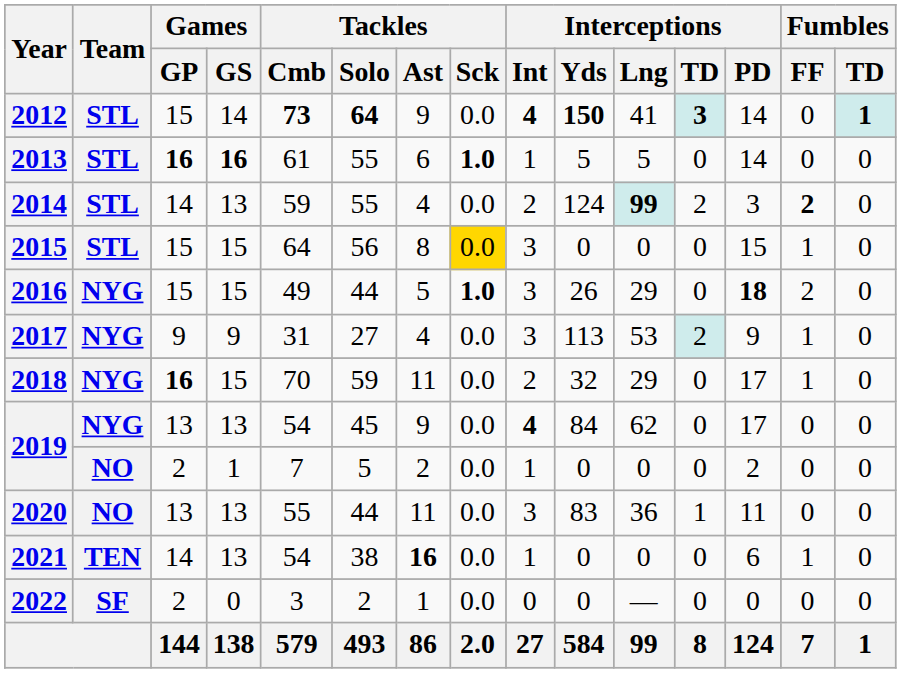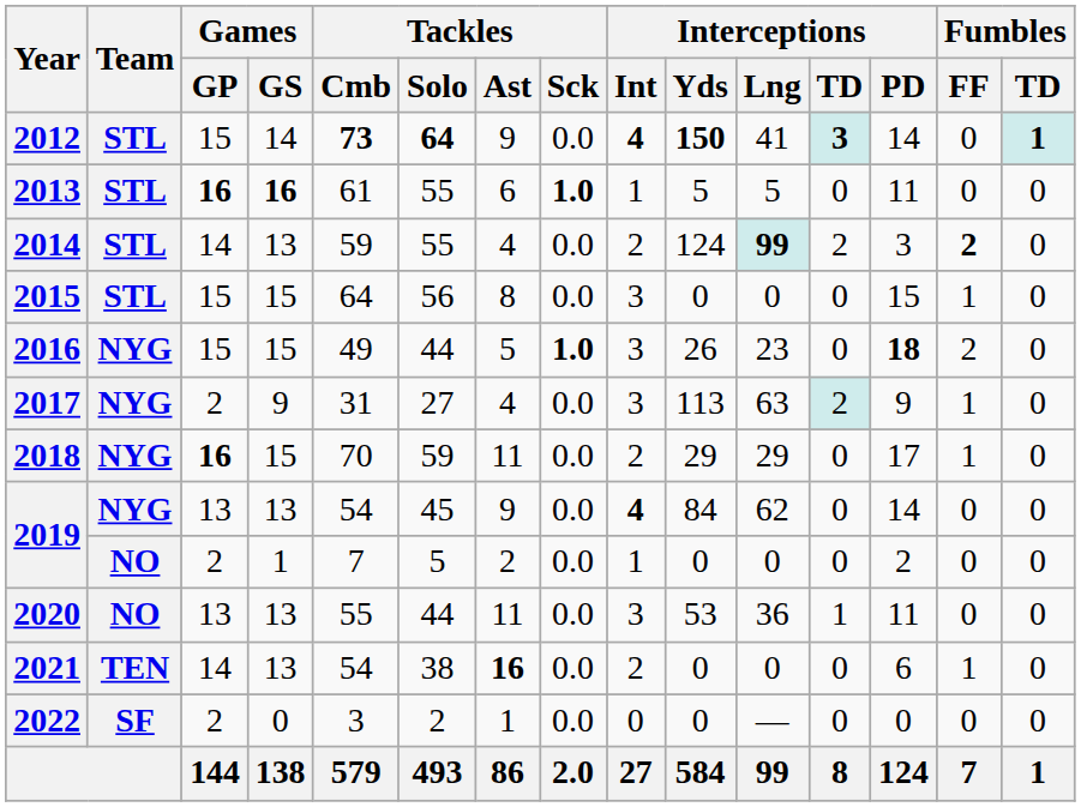 <table class="wikitable" style="text-align: center;">
 <tr>
 <th rowspan="2">Year</th>
 <th rowspan="2">Team</th>
 <th colspan="2">Games</th>
 <th colspan="4">Tackles</th>
 <th colspan="5">Interceptions</th>
 <th colspan="3">Fumbles</th>
 </tr>
 <tr>
 <th>GP</th>
 <th>GS</th>
 <th>Cmb</th>
 <th>Solo</th>
 <th>Ast</th>
 <th>Sck</th>
 <th>Int</th>
 <th>Yds</th>
 <th>Lng</th>
 <th>TD</th>
 <th>PD</th>
 <th>FF</th>
 <th>TD</th>
 </tr>
 <tr>
 <th><a href='#'>2012</a></th>
 <th><a href='#'>STL</a></th>
 <td>15</td>
 <td>14</td>
 <td><strong>73</strong></td>
 <td><strong>64</strong></td>
 <td>9</td>
 <td>0.0</td>
 <td><strong>4</strong></td>
 <td><strong>150</strong></td>
 <td>41</td>
 <td style="background:#cfecec;"><strong>3</strong></td>
 <td>14</td>
 <td>0</td>
 <td style="background:#cfecec;"><strong>1</strong></td>
 </tr>
 <tr>
 <th><a href='#'>2013</a></th>
 <th><a href='#'>STL</a></th>
 <td><strong>16</strong></td>
 <td><strong>16</strong></td>
 <td>61</td>
 <td>55</td>
 <td>6</td>
 <td><strong>1.0</strong></td>
 <td>1</td>
 <td>5</td>
 <td>5</td>
 <td>0</td>
-<td>14</td>
+<td>11</td>
 <td>0</td>
 <td>0</td>
 </tr>
 <tr>
 <th><a href='#'>2014</a></th>
 <th><a href='#'>STL</a></th>
 <td>14</td>
 <td>13</td>
 <td>59</td>
 <td>55</td>
 <td>4</td>
 <td>0.0</td>
 <td>2</td>
 <td>124</td>
 <td style="background:#cfecec;"><strong>99</strong></td>
 <td>2</td>
 <td>3</td>
 <td><strong>2</strong></td>
 <td>0</td>
 </tr>
 <tr>
 <th><a href='#'>2015</a></th>
 <th><a href='#'>STL</a></th>
 <td>15</td>
 <td>15</td>
 <td>64</td>
 <td>56</td>
 <td>8</td>
-<td style="background: gold;">0.0</td>
+<td>0.0</td>
 <td>3</td>
 <td>0</td>
 <td>0</td>
 <td>0</td>
 <td>15</td>
 <td>1</td>
 <td>0</td>
 </tr>
 <tr>
 <th><a href='#'>2016</a></th>
 <th><a href='#'>NYG</a></th>
 <td>15</td>
 <td>15</td>
 <td>49</td>
 <td>44</td>
 <td>5</td>
 <td><strong>1.0</strong></td>
 <td>3</td>
 <td>26</td>
-<td>29</td>
+<td>23</td>
 <td>0</td>
 <td><strong>18</strong></td>
 <td>2</td>
 <td>0</td>
 </tr>
 <tr>
 <th><a href='#'>2017</a></th>
 <th><a href='#'>NYG</a></th>
-<td>9</td>
+<td>2</td>
 <td>9</td>
 <td>31</td>
 <td>27</td>
 <td>4</td>
 <td>0.0</td>
 <td>3</td>
 <td>113</td>
-<td>53</td>
+<td>63</td>
 <td style="background:#cfecec;">2</td>
 <td>9</td>
 <td>1</td>
 <td>0</td>
 </tr>
 <tr>
 <th><a href='#'>2018</a></th>
 <th><a href='#'>NYG</a></th>
 <td><strong>16</strong></td>
 <td>15</td>
 <td>70</td>
 <td>59</td>
 <td>11</td>
 <td>0.0</td>
 <td>2</td>
-<td>32</td>
+<td>29</td>
 <td>29</td>
 <td>0</td>
 <td>17</td>
 <td>1</td>
 <td>0</td>
 </tr>
 <tr>
 <th rowspan="2"><a href='#'>2019</a></th>
 <th><a href='#'>NYG</a></th>
 <td>13</td>
 <td>13</td>
 <td>54</td>
 <td>45</td>
 <td>9</td>
 <td>0.0</td>
 <td><strong>4</strong></td>
 <td>84</td>
 <td>62</td>
 <td>0</td>
-<td>17</td>
+<td>14</td>
 <td>0</td>
 <td>0</td>
 </tr>
 <tr>
 <th><a href='#'>NO</a></th>
 <td>2</td>
 <td>1</td>
 <td>7</td>
 <td>5</td>
 <td>2</td>
 <td>0.0</td>
 <td>1</td>
 <td>0</td>
 <td>0</td>
 <td>0</td>
 <td>2</td>
 <td>0</td>
 <td>0</td>
 </tr>
 <tr>
 <th><a href='#'>2020</a></th>
 <th><a href='#'>NO</a></th>
 <td>13</td>
 <td>13</td>
 <td>55</td>
 <td>44</td>
 <td>11</td>
 <td>0.0</td>
 <td>3</td>
-<td>83</td>
+<td>53</td>
 <td>36</td>
 <td>1</td>
 <td>11</td>
 <td>0</td>
 <td>0</td>
 </tr>
 <tr>
 <th><a href='#'>2021</a></th>
 <th><a href='#'>TEN</a></th>
 <td>14</td>
 <td>13</td>
 <td>54</td>
 <td>38</td>
 <td><strong>16</strong></td>
 <td>0.0</td>
-<td>1</td>
+<td>2</td>
 <td>0</td>
 <td>0</td>
 <td>0</td>
 <td>6</td>
 <td>1</td>
 <td>0</td>
 </tr>
 <tr>
 <th><a href='#'>2022</a></th>
 <th><a href='#'>SF</a></th>
 <td>2</td>
 <td>0</td>
 <td>3</td>
 <td>2</td>
 <td>1</td>
 <td>0.0</td>
 <td>0</td>
 <td>0</td>
 <td>—</td>
 <td>0</td>
 <td>0</td>
 <td>0</td>
 <td>0</td>
 </tr>
 <tr>
 <th colspan="2"></th>
 <th>144</th>
 <th>138</th>
 <th>579</th>
 <th>493</th>
 <th>86</th>
 <th>2.0</th>
 <th>27</th>
 <th>584</th>
 <th>99</th>
 <th>8</th>
 <th>124</th>
 <th>7</th>
 <th>1</th>
 </tr>
 </table>
